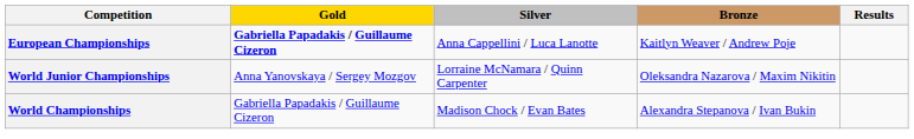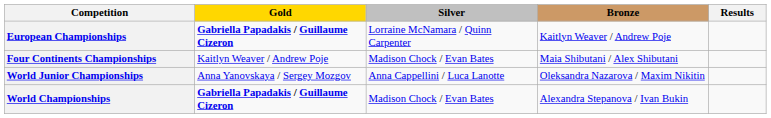 <table class="wikitable unsortable" style="text-align:left; width:90%">
 <tr>
 <th scope="col" style="text-align:center; width:25%;">Competition</th>
 <td scope="col" style="text-align:center; width:22.5%; background:gold"><strong>Gold</strong></td>
 <td scope="col" style="text-align:center; width:22.5%; background:silver"><strong>Silver</strong></td>
 <td scope="col" style="text-align:center; width:22.5%; background:#c96"><strong>Bronze</strong></td>
 <th scope="col" style="text-align:center; width:7.5%;">Results</th>
 </tr>
 <tr>
 <th scope="row" style="text-align:left"> <a href='#'>European Championships</a></th>
 <td><strong> <a href='#'>Gabriella Papadakis</a> / <a href='#'>Guillaume Cizeron</a></strong></td>
-<td> <a href='#'>Anna Cappellini</a> / <a href='#'>Luca Lanotte</a></td>
+<td> <a href='#'>Lorraine McNamara</a> / <a href='#'>Quinn Carpenter</a></td>
 <td> <a href='#'>Kaitlyn Weaver</a> / <a href='#'>Andrew Poje</a></td>
+<td></td>
+</tr>
+<tr>
+<th scope="row" style="text-align:left"> <a href='#'>Four Continents Championships</a></th>
+<td> <a href='#'>Kaitlyn Weaver</a> / <a href='#'>Andrew Poje</a></td>
+<td> <a href='#'>Madison Chock</a> / <a href='#'>Evan Bates</a></td>
+<td> <a href='#'>Maia Shibutani</a> / <a href='#'>Alex Shibutani</a></td>
 <td></td>
 </tr>
 <tr>
 <th scope="row" style="text-align:left"> <a href='#'>World Junior Championships</a></th>
 <td> <a href='#'>Anna Yanovskaya</a> / <a href='#'>Sergey Mozgov</a></td>
-<td> <a href='#'>Lorraine McNamara</a> / <a href='#'>Quinn Carpenter</a></td>
+<td> <a href='#'>Anna Cappellini</a> / <a href='#'>Luca Lanotte</a></td>
 <td> <a href='#'>Oleksandra Nazarova</a> / <a href='#'>Maxim Nikitin</a></td>
 <td></td>
 </tr>
 <tr>
 <th scope="row" style="text-align:left"> <a href='#'>World Championships</a></th>
-<td> <a href='#'>Gabriella Papadakis</a> / <a href='#'>Guillaume Cizeron</a></td>
+<td><strong> <a href='#'>Gabriella Papadakis</a> / <a href='#'>Guillaume Cizeron</a></strong></td>
 <td> <a href='#'>Madison Chock</a> / <a href='#'>Evan Bates</a></td>
 <td> <a href='#'>Alexandra Stepanova</a> / <a href='#'>Ivan Bukin</a></td>
 <td></td>
 </tr>
 </table>
